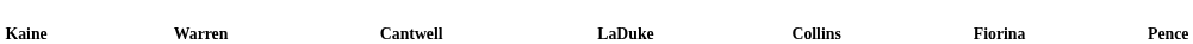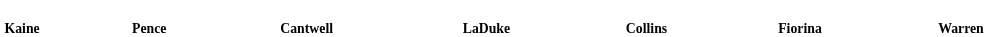 <table style="width:100%; text-align:center">
 <tr style="color:white">
 <td style="background:"><strong>227</strong></td>
-<td style="background:"><strong>3</strong></td>
+<td style="background:"><strong>305</strong></td>
 <td style="background:"><strong>1</strong></td>
 <td style="background:"><strong>1</strong></td>
 <td style="background:"><strong>1</strong></td>
 <td style="background:"><strong>1</strong></td>
-<td style="background:"><strong>305</strong></td>
+<td style="background:"><strong>3</strong></td>
 </tr>
 <tr>
 <td style="color:"><strong>Kaine</strong></td>
-<td style="color:"><strong>Warren</strong></td>
+<td style="color:"><strong>Pence</strong></td>
 <td style="color:"><strong>Cantwell</strong></td>
 <td style="color:"><strong>LaDuke</strong></td>
 <td style="color:"><strong>Collins</strong></td>
 <td style="color:"><strong>Fiorina</strong></td>
-<td style="color:"><strong>Pence</strong></td>
+<td style="color:"><strong>Warren</strong></td>
 </tr>
 </table>
